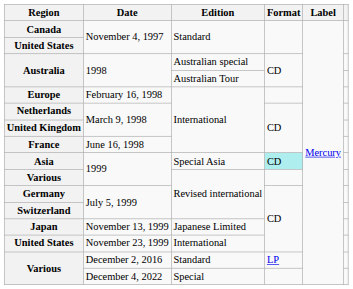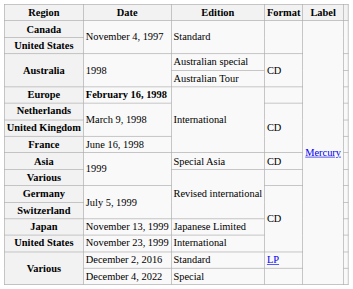 <table class="wikitable plainrowheaders">
 <tr>
 <th scope="col">Region</th>
 <th scope="col">Date</th>
 <th scope="col">Edition</th>
 <th scope="col">Format</th>
 <th scope="col">Label</th>
 <th scope="col"></th>
 </tr>
 <tr>
 <th scope="row">Canada</th>
 <td rowspan="2">November 4, 1997</td>
 <td rowspan="2">Standard</td>
 <td rowspan="2"></td>
 <td rowspan="16"><a href='#'>Mercury</a></td>
 <td rowspan="2"></td>
 </tr>
 <tr>
 <th scope="row">United States</th>
 </tr>
 <tr>
 <th scope="row" rowspan="2">Australia</th>
 <td rowspan="2">1998</td>
 <td>Australian special</td>
 <td rowspan="2">CD</td>
 <td></td>
 </tr>
 <tr>
 <td>Australian Tour</td>
 <td></td>
 </tr>
 <tr>
 <th scope="row">Europe</th>
-<td>February 16, 1998</td>
+<td><strong>February 16, 1998</strong></td>
 <td rowspan="4">International</td>
 <td></td>
 <td></td>
 </tr>
 <tr>
 <th scope="row">Netherlands</th>
 <td rowspan="2">March 9, 1998</td>
 <td rowspan="3">CD</td>
 <td></td>
 </tr>
 <tr>
 <th scope="row">United Kingdom</th>
 <td></td>
 </tr>
 <tr>
 <th scope="row">France</th>
 <td>June 16, 1998</td>
 <td></td>
 </tr>
 <tr>
 <th scope="row">Asia</th>
 <td rowspan="2">1999</td>
 <td>Special Asia</td>
-<td style="background: paleturquoise;">CD</td>
+<td>CD</td>
 <td></td>
 </tr>
 <tr>
 <th scope="row">Various</th>
 <td rowspan="3">Revised international</td>
 <td></td>
 <td></td>
 </tr>
 <tr>
 <th scope="row">Germany</th>
 <td rowspan="2">July 5, 1999</td>
 <td rowspan="4">CD</td>
 <td></td>
 </tr>
 <tr>
 <th scope="row">Switzerland</th>
 <td></td>
 </tr>
 <tr>
 <th scope="row">Japan</th>
 <td>November 13, 1999</td>
 <td>Japanese Limited</td>
 <td></td>
 </tr>
 <tr>
 <th scope="row">United States</th>
 <td>November 23, 1999</td>
 <td>International</td>
 <td></td>
 </tr>
 <tr>
 <th scope="row" rowspan="2">Various</th>
 <td>December 2, 2016</td>
 <td>Standard</td>
 <td><a href='#'>LP</a></td>
 <td></td>
 </tr>
 <tr>
 <td>December 4, 2022</td>
 <td>Special</td>
 <td></td>
 <td></td>
 </tr>
 </table>
